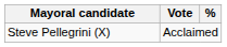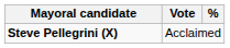 <table class="wikitable">
 <tr>
 <th bgcolor="#DDDDFF" width="200px">Mayoral candidate </th>
 <th bgcolor="#DDDDFF">Vote</th>
 <th bgcolor="#DDDDFF">%</th>
 </tr>
 <tr>
-<td>Steve Pellegrini (X)</td>
+<td><strong>Steve Pellegrini (X)</strong></td>
 <td colspan="2">Acclaimed</td>
 </tr>
 </table>
